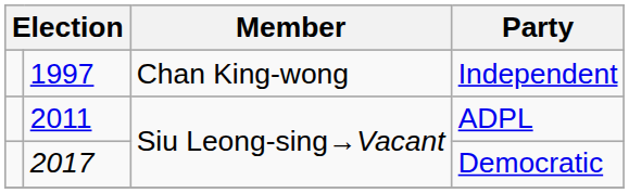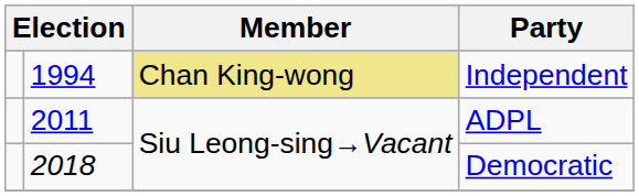 <table class="wikitable">
 <tr>
 <th colspan="2">Election</th>
 <th>Member</th>
 <th>Party</th>
 </tr>
 <tr>
 <td style="background-color:"></td>
-<td><a href='#'>1997</a></td>
-<td>Chan King-wong</td>
+<td><a href='#'>1994</a></td>
+<td style="background: khaki;">Chan King-wong</td>
 <td><a href='#'>Independent</a></td>
 </tr>
 <tr>
 <td style="background-color:"></td>
 <td><a href='#'>2011</a></td>
 <td rowspan=2>Siu Leong-sing→<em>Vacant</em></td>
 <td><a href='#'>ADPL</a></td>
 </tr>
 <tr>
 <td style="background-color:"></td>
-<td><em>2017</em></td>
+<td><em>2018</em></td>
 <td><a href='#'>Democratic</a></td>
 </tr>
 <tr>
 </tr>
 </table>
